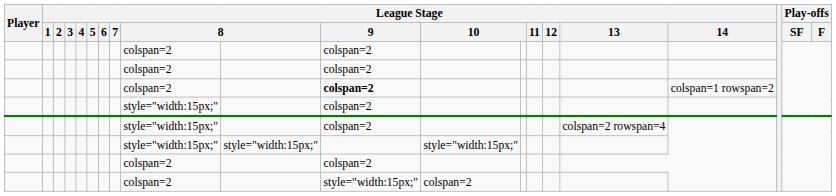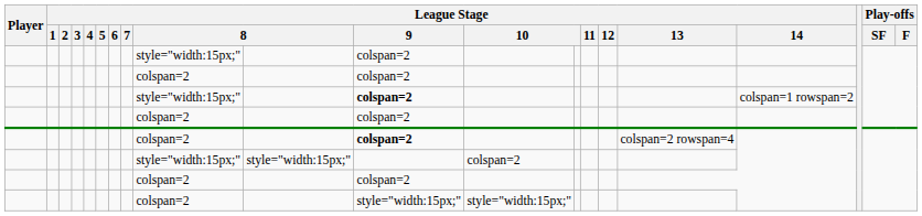 <table class="wikitable">
 <tr>
 <th rowspan=2>Player</th>
 <th colspan=16>League Stage</th>
 <th rowspan=10></th>
 <th colspan=2>Play-offs</th>
 </tr>
 <tr>
 <th>1</th>
 <th>2</th>
 <th>3</th>
 <th>4</th>
 <th>5</th>
 <th>6</th>
 <th>7</th>
 <th colspan =2>8</th>
 <th>9</th>
 <th colspan =2>10</th>
 <th>11</th>
 <th>12</th>
 <th>13</th>
 <th>14</th>
 <th>SF</th>
 <th>F</th>
 </tr>
 <tr>
 <td> </td>
 <td></td>
 <td></td>
 <td></td>
 <td></td>
 <td></td>
 <td></td>
 <td></td>
-<td>colspan=2 </td>
+<td>style="width:15px;" </td>
 <td></td>
 <td>colspan=2 </td>
 <td></td>
 <td></td>
 <td></td>
 <td></td>
 <td></td>
 <td></td>
 </tr>
 <tr>
 <td> </td>
 <td></td>
 <td></td>
 <td></td>
 <td></td>
 <td></td>
 <td></td>
 <td></td>
 <td>colspan=2 </td>
 <td></td>
 <td>colspan=2 </td>
 <td></td>
 <td></td>
 <td></td>
 <td></td>
 <td></td>
 <td></td>
 </tr>
 <tr>
 <td> </td>
 <td></td>
 <td></td>
 <td></td>
 <td></td>
 <td></td>
 <td></td>
 <td></td>
-<td>colspan=2 </td>
+<td>style="width:15px;" </td>
 <td></td>
 <td><strong>colspan=2 </strong></td>
 <td></td>
 <td></td>
 <td></td>
 <td></td>
 <td></td>
 <td>colspan=1 rowspan=2 </td>
 </tr>
 <tr style="border-bottom:3px solid green;">
 <td> </td>
 <td></td>
 <td></td>
 <td></td>
 <td></td>
 <td></td>
 <td></td>
 <td></td>
-<td>style="width:15px;" </td>
+<td>colspan=2 </td>
 <td></td>
 <td>colspan=2 </td>
 <td></td>
 <td></td>
 <td></td>
 <td></td>
 <td></td>
 </tr>
 <tr>
 <td> </td>
 <td></td>
 <td></td>
 <td></td>
 <td></td>
 <td></td>
 <td></td>
 <td></td>
-<td>style="width:15px;" </td>
+<td>colspan=2 </td>
 <td></td>
-<td>colspan=2 </td>
+<td><strong>colspan=2 </strong></td>
 <td></td>
 <td></td>
 <td></td>
 <td></td>
 <td>colspan=2 rowspan=4 </td>
 </tr>
 <tr>
 <td> </td>
 <td></td>
 <td></td>
 <td></td>
 <td></td>
 <td></td>
 <td></td>
 <td></td>
 <td>style="width:15px;" </td>
 <td>style="width:15px;" </td>
 <td></td>
-<td>style="width:15px;" </td>
+<td>colspan=2 </td>
 <td></td>
 <td></td>
 <td></td>
 <td></td>
 </tr>
 <tr>
 <td> </td>
 <td></td>
 <td></td>
 <td></td>
 <td></td>
 <td></td>
 <td></td>
 <td></td>
 <td>colspan=2 </td>
 <td></td>
 <td>colspan=2 </td>
 <td></td>
 <td></td>
 <td></td>
 <td></td>
 </tr>
 <tr>
 <td> </td>
 <td></td>
 <td></td>
 <td></td>
 <td></td>
 <td></td>
 <td></td>
 <td></td>
 <td>colspan=2 </td>
 <td></td>
 <td>style="width:15px;" </td>
-<td>colspan=2 </td>
+<td>style="width:15px;" </td>
 <td></td>
 <td></td>
 <td></td>
 <td></td>
 </tr>
 </table>
